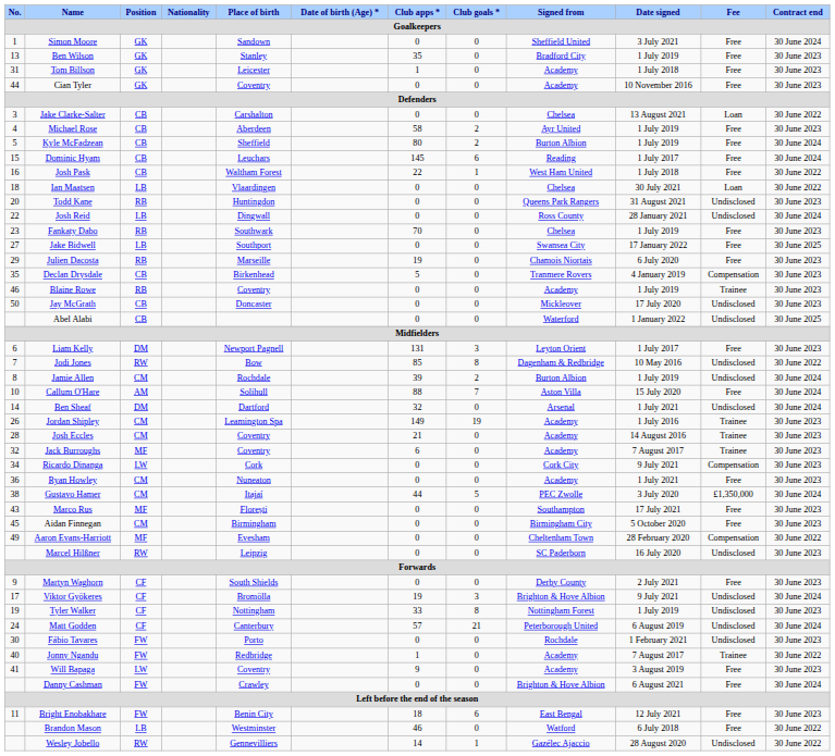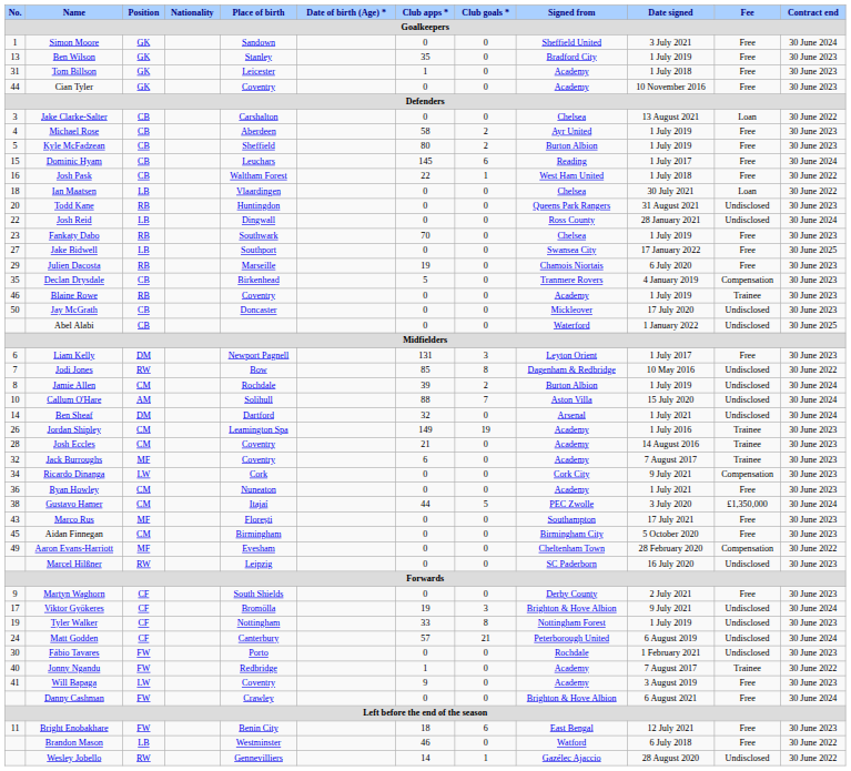 <table class="wikitable" style="text-align:center; font-size:84.5%; width:100%;">
 <tr>
 <th style="background:#AAD0FF; color:#000080; text-align:center;">No.</th>
 <th style="background:#AAD0FF; color:#000080; text-align:center;">Name</th>
 <th style="background:#AAD0FF; color:#000080; text-align:center;">Position</th>
 <th style="background:#AAD0FF; color:#000080; text-align:center;">Nationality</th>
 <th style="background:#AAD0FF; color:#000080; text-align:center;">Place of birth</th>
 <th style="background:#AAD0FF; color:#000080; text-align:center;">Date of birth (Age) *</th>
 <th style="background:#AAD0FF; color:#000080; text-align:center;">Club apps *</th>
 <th style="background:#AAD0FF; color:#000080; text-align:center;">Club goals *</th>
 <th style="background:#AAD0FF; color:#000080; text-align:center;">Signed from</th>
 <th style="background:#AAD0FF; color:#000080; text-align:center;">Date signed</th>
 <th style="background:#AAD0FF; color:#000080; text-align:center;">Fee</th>
 <th style="background:#AAD0FF; color:#000080; text-align:center;">Contract end</th>
 </tr>
 <tr>
 <th colspan="14" style="background:#dcdcdc; tepxt-align:center;">Goalkeepers</th>
 </tr>
 <tr>
 <td>1</td>
 <td><a href='#'>Simon Moore</a></td>
 <td><a href='#'>GK</a></td>
 <td></td>
 <td><a href='#'>Sandown</a></td>
 <td></td>
 <td>0</td>
 <td>0</td>
 <td><a href='#'>Sheffield United</a></td>
 <td>3 July 2021</td>
 <td>Free</td>
 <td>30 June 2024</td>
 </tr>
 <tr>
 <td>13</td>
 <td><a href='#'>Ben Wilson</a></td>
 <td><a href='#'>GK</a></td>
 <td></td>
 <td><a href='#'>Stanley</a></td>
 <td></td>
 <td>35</td>
 <td>0</td>
 <td><a href='#'>Bradford City</a></td>
 <td>1 July 2019</td>
 <td>Free</td>
 <td>30 June 2023</td>
 </tr>
 <tr>
 <td>31</td>
 <td><a href='#'>Tom Billson</a></td>
 <td><a href='#'>GK</a></td>
 <td></td>
 <td><a href='#'>Leicester</a></td>
 <td></td>
 <td>1</td>
 <td>0</td>
 <td><a href='#'>Academy</a></td>
 <td>1 July 2018</td>
 <td>Free</td>
 <td>30 June 2023</td>
 </tr>
 <tr>
 <td>44</td>
 <td>Cian Tyler</td>
 <td><a href='#'>GK</a></td>
 <td></td>
 <td><a href='#'>Coventry</a></td>
 <td></td>
 <td>0</td>
 <td>0</td>
 <td><a href='#'>Academy</a></td>
 <td>10 November 2016</td>
 <td>Free</td>
 <td>30 June 2023</td>
 </tr>
 <tr>
 <th colspan="14" style="background:#dcdcdc; text-align:center;">Defenders</th>
 </tr>
 <tr>
 <td>3</td>
 <td><a href='#'>Jake Clarke-Salter</a></td>
 <td><a href='#'>CB</a></td>
 <td></td>
 <td><a href='#'>Carshalton</a></td>
 <td></td>
 <td>0</td>
 <td>0</td>
 <td><a href='#'>Chelsea</a></td>
 <td>13 August 2021</td>
 <td>Loan</td>
 <td>30 June 2022</td>
 </tr>
 <tr>
 <td>4</td>
 <td><a href='#'>Michael Rose</a></td>
 <td><a href='#'>CB</a></td>
 <td></td>
 <td><a href='#'>Aberdeen</a></td>
 <td></td>
 <td>58</td>
 <td>2</td>
 <td><a href='#'>Ayr United</a></td>
 <td>1 July 2019</td>
 <td>Free</td>
 <td>30 June 2023</td>
 </tr>
 <tr>
 <td>5</td>
 <td><a href='#'>Kyle McFadzean</a></td>
 <td><a href='#'>CB</a></td>
 <td></td>
 <td><a href='#'>Sheffield</a></td>
 <td></td>
 <td>80</td>
 <td>2</td>
 <td><a href='#'>Burton Albion</a></td>
 <td>1 July 2019</td>
 <td>Free</td>
-<td>30 June 2024</td>
+<td>30 June 2023</td>
 </tr>
 <tr>
 <td>15</td>
 <td><a href='#'>Dominic Hyam</a></td>
 <td><a href='#'>CB</a></td>
 <td></td>
 <td><a href='#'>Leuchars</a></td>
 <td></td>
 <td>145</td>
 <td>6</td>
 <td><a href='#'>Reading</a></td>
 <td>1 July 2017</td>
 <td>Free</td>
 <td>30 June 2024</td>
 </tr>
 <tr>
 <td>16</td>
 <td><a href='#'>Josh Pask</a></td>
 <td><a href='#'>CB</a></td>
 <td></td>
 <td><a href='#'>Waltham Forest</a></td>
 <td></td>
 <td>22</td>
 <td>1</td>
 <td><a href='#'>West Ham United</a></td>
 <td>1 July 2018</td>
 <td>Free</td>
 <td>30 June 2022</td>
 </tr>
 <tr>
 <td>18</td>
 <td><a href='#'>Ian Maatsen</a></td>
 <td><a href='#'>LB</a></td>
 <td></td>
 <td><a href='#'>Vlaardingen</a></td>
 <td></td>
 <td>0</td>
 <td>0</td>
 <td><a href='#'>Chelsea</a></td>
 <td>30 July 2021</td>
 <td>Loan</td>
 <td>30 June 2022</td>
 </tr>
 <tr>
 <td>20</td>
 <td><a href='#'>Todd Kane</a></td>
 <td><a href='#'>RB</a></td>
 <td></td>
 <td><a href='#'>Huntingdon</a></td>
 <td></td>
 <td>0</td>
 <td>0</td>
 <td><a href='#'>Queens Park Rangers</a></td>
 <td>31 August 2021</td>
 <td>Undisclosed</td>
 <td>30 June 2023</td>
 </tr>
 <tr>
 <td>22</td>
 <td><a href='#'>Josh Reid</a></td>
 <td><a href='#'>LB</a></td>
 <td></td>
 <td><a href='#'>Dingwall</a></td>
 <td></td>
 <td>0</td>
 <td>0</td>
 <td><a href='#'>Ross County</a></td>
 <td>28 January 2021</td>
 <td>Undisclosed</td>
 <td>30 June 2024</td>
 </tr>
 <tr>
 <td>23</td>
 <td><a href='#'>Fankaty Dabo</a></td>
 <td><a href='#'>RB</a></td>
 <td></td>
 <td><a href='#'>Southwark</a></td>
 <td></td>
 <td>70</td>
 <td>0</td>
 <td><a href='#'>Chelsea</a></td>
 <td>1 July 2019</td>
 <td>Free</td>
 <td>30 June 2023</td>
 </tr>
 <tr>
 <td>27</td>
 <td><a href='#'>Jake Bidwell</a></td>
 <td><a href='#'>LB</a></td>
 <td></td>
 <td><a href='#'>Southport</a></td>
 <td></td>
 <td>0</td>
 <td>0</td>
 <td><a href='#'>Swansea City</a></td>
 <td>17 January 2022</td>
 <td>Free</td>
 <td>30 June 2025</td>
 </tr>
 <tr>
 <td>29</td>
 <td><a href='#'>Julien Dacosta</a></td>
 <td><a href='#'>RB</a></td>
 <td></td>
 <td><a href='#'>Marseille</a></td>
 <td></td>
 <td>19</td>
 <td>0</td>
 <td><a href='#'>Chamois Niortais</a></td>
 <td>6 July 2020</td>
 <td>Free</td>
 <td>30 June 2023</td>
 </tr>
 <tr>
 <td>35</td>
 <td><a href='#'>Declan Drysdale</a></td>
 <td><a href='#'>CB</a></td>
 <td></td>
 <td><a href='#'>Birkenhead</a></td>
 <td></td>
 <td>5</td>
 <td>0</td>
 <td><a href='#'>Tranmere Rovers</a></td>
 <td>4 January 2019</td>
 <td>Compensation</td>
 <td>30 June 2023</td>
 </tr>
 <tr>
 <td>46</td>
 <td><a href='#'>Blaine Rowe</a></td>
 <td><a href='#'>RB</a></td>
 <td></td>
 <td><a href='#'>Coventry</a></td>
 <td></td>
 <td>0</td>
 <td>0</td>
 <td><a href='#'>Academy</a></td>
 <td>1 July 2019</td>
 <td>Trainee</td>
 <td>30 June 2023</td>
 </tr>
 <tr>
 <td>50</td>
 <td><a href='#'>Jay McGrath</a></td>
 <td><a href='#'>CB</a></td>
 <td></td>
 <td><a href='#'>Doncaster</a></td>
 <td></td>
 <td>0</td>
 <td>0</td>
 <td><a href='#'>Mickleover</a></td>
 <td>17 July 2020</td>
 <td>Undisclosed</td>
 <td>30 June 2023</td>
 </tr>
 <tr>
 <td></td>
 <td>Abel Alabi</td>
 <td><a href='#'>CB</a></td>
 <td></td>
 <td></td>
 <td></td>
 <td>0</td>
 <td>0</td>
 <td><a href='#'>Waterford</a></td>
 <td>1 January 2022</td>
 <td>Undisclosed</td>
 <td>30 June 2025</td>
 </tr>
 <tr>
 <th colspan="14" style="background:#dcdcdc; text-align:center;">Midfielders</th>
 </tr>
 <tr>
 <td>6</td>
 <td><a href='#'>Liam Kelly</a></td>
 <td><a href='#'>DM</a></td>
 <td></td>
 <td><a href='#'>Newport Pagnell</a></td>
 <td></td>
 <td>131</td>
 <td>3</td>
 <td><a href='#'>Leyton Orient</a></td>
 <td>1 July 2017</td>
 <td>Free</td>
 <td>30 June 2023</td>
 </tr>
 <tr>
 <td>7</td>
 <td><a href='#'>Jodi Jones</a></td>
 <td><a href='#'>RW</a></td>
 <td></td>
 <td><a href='#'>Bow</a></td>
 <td></td>
 <td>85</td>
 <td>8</td>
 <td><a href='#'>Dagenham & Redbridge</a></td>
 <td>10 May 2016</td>
 <td>Undisclosed</td>
 <td>30 June 2022</td>
 </tr>
 <tr>
 <td>8</td>
 <td><a href='#'>Jamie Allen</a></td>
 <td><a href='#'>CM</a></td>
 <td></td>
 <td><a href='#'>Rochdale</a></td>
 <td></td>
 <td>39</td>
 <td>2</td>
 <td><a href='#'>Burton Albion</a></td>
 <td>1 July 2019</td>
 <td>Undisclosed</td>
 <td>30 June 2024</td>
 </tr>
 <tr>
 <td>10</td>
 <td><a href='#'>Callum O'Hare</a></td>
 <td><a href='#'>AM</a></td>
 <td></td>
 <td><a href='#'>Solihull</a></td>
 <td></td>
 <td>88</td>
 <td>7</td>
 <td><a href='#'>Aston Villa</a></td>
 <td>15 July 2020</td>
-<td>Free</td>
+<td>Undisclosed</td>
 <td>30 June 2024</td>
 </tr>
 <tr>
 <td>14</td>
 <td><a href='#'>Ben Sheaf</a></td>
 <td><a href='#'>DM</a></td>
 <td></td>
 <td><a href='#'>Dartford</a></td>
 <td></td>
 <td>32</td>
 <td>0</td>
 <td><a href='#'>Arsenal</a></td>
 <td>1 July 2021</td>
 <td>Undisclosed</td>
 <td>30 June 2024</td>
 </tr>
 <tr>
 <td>26</td>
 <td><a href='#'>Jordan Shipley</a></td>
 <td><a href='#'>CM</a></td>
 <td></td>
 <td><a href='#'>Leamington Spa</a></td>
 <td></td>
 <td>149</td>
 <td>19</td>
 <td><a href='#'>Academy</a></td>
 <td>1 July 2016</td>
 <td>Trainee</td>
 <td>30 June 2023</td>
 </tr>
 <tr>
 <td>28</td>
 <td><a href='#'>Josh Eccles</a></td>
 <td><a href='#'>CM</a></td>
 <td></td>
 <td><a href='#'>Coventry</a></td>
 <td></td>
 <td>21</td>
 <td>0</td>
 <td><a href='#'>Academy</a></td>
 <td>14 August 2016</td>
 <td>Trainee</td>
 <td>30 June 2023</td>
 </tr>
 <tr>
 <td>32</td>
 <td><a href='#'>Jack Burroughs</a></td>
 <td><a href='#'>MF</a></td>
 <td></td>
 <td><a href='#'>Coventry</a></td>
 <td></td>
 <td>6</td>
 <td>0</td>
 <td><a href='#'>Academy</a></td>
 <td>7 August 2017</td>
 <td>Trainee</td>
 <td>30 June 2023</td>
 </tr>
 <tr>
 <td>34</td>
 <td><a href='#'>Ricardo Dinanga</a></td>
 <td><a href='#'>LW</a></td>
 <td></td>
 <td><a href='#'>Cork</a></td>
 <td></td>
 <td>0</td>
 <td>0</td>
 <td><a href='#'>Cork City</a></td>
 <td>9 July 2021</td>
 <td>Compensation</td>
 <td>30 June 2023</td>
 </tr>
 <tr>
 <td>36</td>
 <td><a href='#'>Ryan Howley</a></td>
 <td><a href='#'>CM</a></td>
 <td></td>
 <td><a href='#'>Nuneaton</a></td>
 <td></td>
 <td>0</td>
 <td>0</td>
 <td><a href='#'>Academy</a></td>
 <td>1 July 2021</td>
 <td>Free</td>
 <td>30 June 2023</td>
 </tr>
 <tr>
 <td>38</td>
 <td><a href='#'>Gustavo Hamer</a></td>
 <td><a href='#'>CM</a></td>
 <td></td>
 <td><a href='#'>Itajaí</a></td>
 <td></td>
 <td>44</td>
 <td>5</td>
 <td><a href='#'>PEC Zwolle</a></td>
 <td>3 July 2020</td>
 <td>£1,350,000</td>
 <td>30 June 2024</td>
 </tr>
 <tr>
 <td>43</td>
 <td><a href='#'>Marco Rus</a></td>
 <td><a href='#'>MF</a></td>
 <td></td>
 <td><a href='#'>Florești</a></td>
 <td></td>
 <td>0</td>
 <td>0</td>
 <td><a href='#'>Southampton</a></td>
 <td>17 July 2021</td>
 <td>Free</td>
 <td>30 June 2023</td>
 </tr>
 <tr>
 <td>45</td>
 <td>Aidan Finnegan</td>
 <td><a href='#'>CM</a></td>
 <td></td>
 <td><a href='#'>Birmingham</a></td>
 <td></td>
 <td>0</td>
 <td>0</td>
 <td><a href='#'>Birmingham City</a></td>
 <td>5 October 2020</td>
 <td>Free</td>
 <td>30 June 2023</td>
 </tr>
 <tr>
 <td>49</td>
 <td><a href='#'>Aaron Evans-Harriott</a></td>
 <td><a href='#'>MF</a></td>
 <td></td>
 <td><a href='#'>Evesham</a></td>
 <td></td>
 <td>0</td>
 <td>0</td>
 <td><a href='#'>Cheltenham Town</a></td>
 <td>28 February 2020</td>
 <td>Compensation</td>
 <td>30 June 2022</td>
 </tr>
 <tr>
 <td></td>
 <td><a href='#'>Marcel Hilßner</a></td>
 <td><a href='#'>RW</a></td>
 <td></td>
 <td><a href='#'>Leipzig</a></td>
 <td></td>
 <td>0</td>
 <td>0</td>
 <td><a href='#'>SC Paderborn</a></td>
 <td>16 July 2020</td>
 <td>Undisclosed</td>
 <td>30 June 2023</td>
 </tr>
 <tr>
 <th colspan="14" style="background:#dcdcdc; text-align:center;">Forwards</th>
 </tr>
 <tr>
 <td>9</td>
 <td><a href='#'>Martyn Waghorn</a></td>
 <td><a href='#'>CF</a></td>
 <td></td>
 <td><a href='#'>South Shields</a></td>
 <td></td>
 <td>0</td>
 <td>0</td>
 <td><a href='#'>Derby County</a></td>
 <td>2 July 2021</td>
 <td>Free</td>
 <td>30 June 2023</td>
 </tr>
 <tr>
 <td>17</td>
 <td><a href='#'>Viktor Gyökeres</a></td>
 <td><a href='#'>CF</a></td>
 <td></td>
 <td><a href='#'>Bromölla</a></td>
 <td></td>
 <td>19</td>
 <td>3</td>
 <td><a href='#'>Brighton & Hove Albion</a></td>
 <td>9 July 2021</td>
 <td>Undisclosed</td>
 <td>30 June 2024</td>
 </tr>
 <tr>
 <td>19</td>
 <td><a href='#'>Tyler Walker</a></td>
 <td><a href='#'>CF</a></td>
 <td></td>
 <td><a href='#'>Nottingham</a></td>
 <td></td>
 <td>33</td>
 <td>8</td>
 <td><a href='#'>Nottingham Forest</a></td>
 <td>1 July 2019</td>
 <td>Undisclosed</td>
 <td>30 June 2023</td>
 </tr>
 <tr>
 <td>24</td>
 <td><a href='#'>Matt Godden</a></td>
 <td><a href='#'>CF</a></td>
 <td></td>
 <td><a href='#'>Canterbury</a></td>
 <td></td>
 <td>57</td>
 <td>21</td>
 <td><a href='#'>Peterborough United</a></td>
 <td>6 August 2019</td>
 <td>Undisclosed</td>
 <td>30 June 2024</td>
 </tr>
 <tr>
 <td>30</td>
 <td><a href='#'>Fábio Tavares</a></td>
 <td><a href='#'>FW</a></td>
 <td></td>
 <td><a href='#'>Porto</a></td>
 <td></td>
 <td>0</td>
 <td>0</td>
 <td><a href='#'>Rochdale</a></td>
 <td>1 February 2021</td>
 <td>Undisclosed</td>
 <td>30 June 2023</td>
 </tr>
 <tr>
 <td>40</td>
 <td><a href='#'>Jonny Ngandu</a></td>
 <td><a href='#'>FW</a></td>
 <td></td>
 <td><a href='#'>Redbridge</a></td>
 <td></td>
 <td>1</td>
 <td>0</td>
 <td><a href='#'>Academy</a></td>
 <td>7 August 2017</td>
 <td>Trainee</td>
 <td>30 June 2022</td>
 </tr>
 <tr>
 <td>41</td>
 <td><a href='#'>Will Bapaga</a></td>
 <td><a href='#'>LW</a></td>
 <td></td>
 <td><a href='#'>Coventry</a></td>
 <td></td>
 <td>9</td>
 <td>0</td>
 <td><a href='#'>Academy</a></td>
 <td>3 August 2019</td>
 <td>Free</td>
 <td>30 June 2023</td>
 </tr>
 <tr>
 <td></td>
 <td><a href='#'>Danny Cashman</a></td>
 <td><a href='#'>FW</a></td>
 <td></td>
 <td><a href='#'>Crawley</a></td>
 <td></td>
 <td>0</td>
 <td>0</td>
 <td><a href='#'>Brighton & Hove Albion</a></td>
 <td>6 August 2021</td>
 <td>Free</td>
 <td>30 June 2024</td>
 </tr>
 <tr>
 <th colspan="14" style="background:#dcdcdc; text-align:center;">Left before the end of the season</th>
 </tr>
 <tr>
 <td>11</td>
 <td><a href='#'>Bright Enobakhare</a></td>
 <td><a href='#'>FW</a></td>
 <td></td>
 <td><a href='#'>Benin City</a></td>
 <td></td>
 <td>18</td>
 <td>6</td>
 <td><a href='#'>East Bengal</a></td>
 <td>12 July 2021</td>
 <td>Free</td>
 <td>30 June 2023</td>
 </tr>
 <tr>
 <td></td>
 <td><a href='#'>Brandon Mason</a></td>
 <td><a href='#'>LB</a></td>
 <td></td>
 <td><a href='#'>Westminster</a></td>
 <td></td>
 <td>46</td>
 <td>0</td>
 <td><a href='#'>Watford</a></td>
 <td>6 July 2018</td>
 <td>Free</td>
 <td>30 June 2022</td>
 </tr>
 <tr>
 <td></td>
 <td><a href='#'>Wesley Jobello</a></td>
 <td><a href='#'>RW</a></td>
 <td></td>
 <td><a href='#'>Gennevilliers</a></td>
 <td></td>
 <td>14</td>
 <td>1</td>
 <td><a href='#'>Gazélec Ajaccio</a></td>
 <td>28 August 2020</td>
 <td>Undisclosed</td>
 <td>30 June 2022</td>
 </tr>
 </table>
